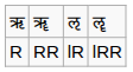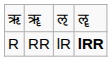 <table class="wikitable">
 <tr class="Unicode">
 <td>ऋ</td>
 <td>ॠ</td>
 <td>ऌ</td>
 <td>ॡ</td>
 </tr>
 <tr>
 <td>R</td>
 <td>RR</td>
 <td>lR</td>
-<td>lRR</td>
+<td><strong>lRR</strong></td>
 </tr>
 </table>
